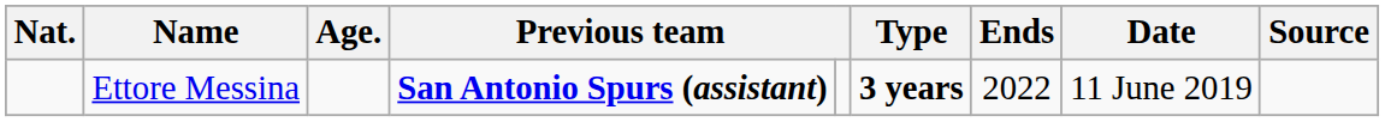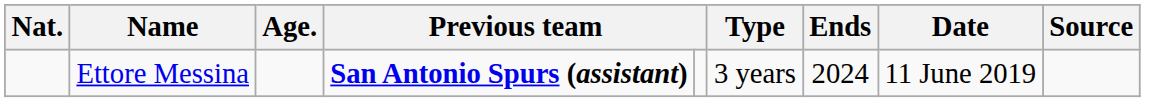 <table class="wikitable sortable">
 <tr>
 <th>Nat.</th>
 <th>Name</th>
 <th>Age.</th>
 <th colspan=2>Previous team</th>
 <th>Type</th>
 <th>Ends</th>
 <th>Date</th>
 <th>Source</th>
 </tr>
 <tr>
 <td style="text-align: center;"></td>
 <td><a href='#'>Ettore Messina</a></td>
 <td style="text-align: center;"></td>
 <td><strong><a href='#'>San Antonio Spurs</a> (<em>assistant</em>)</strong></td>
 <td style="text-align: center;"></td>
-<td style="text-align: center;"><strong>3 years</strong></td>
-<td style="text-align: center;">2022</td>
+<td style="text-align: center;">3 years</td>
+<td style="text-align: center;">2024</td>
 <td style="text-align: center;">11 June 2019</td>
 <td style="text-align: center;"></td>
 </tr>
 </table>
